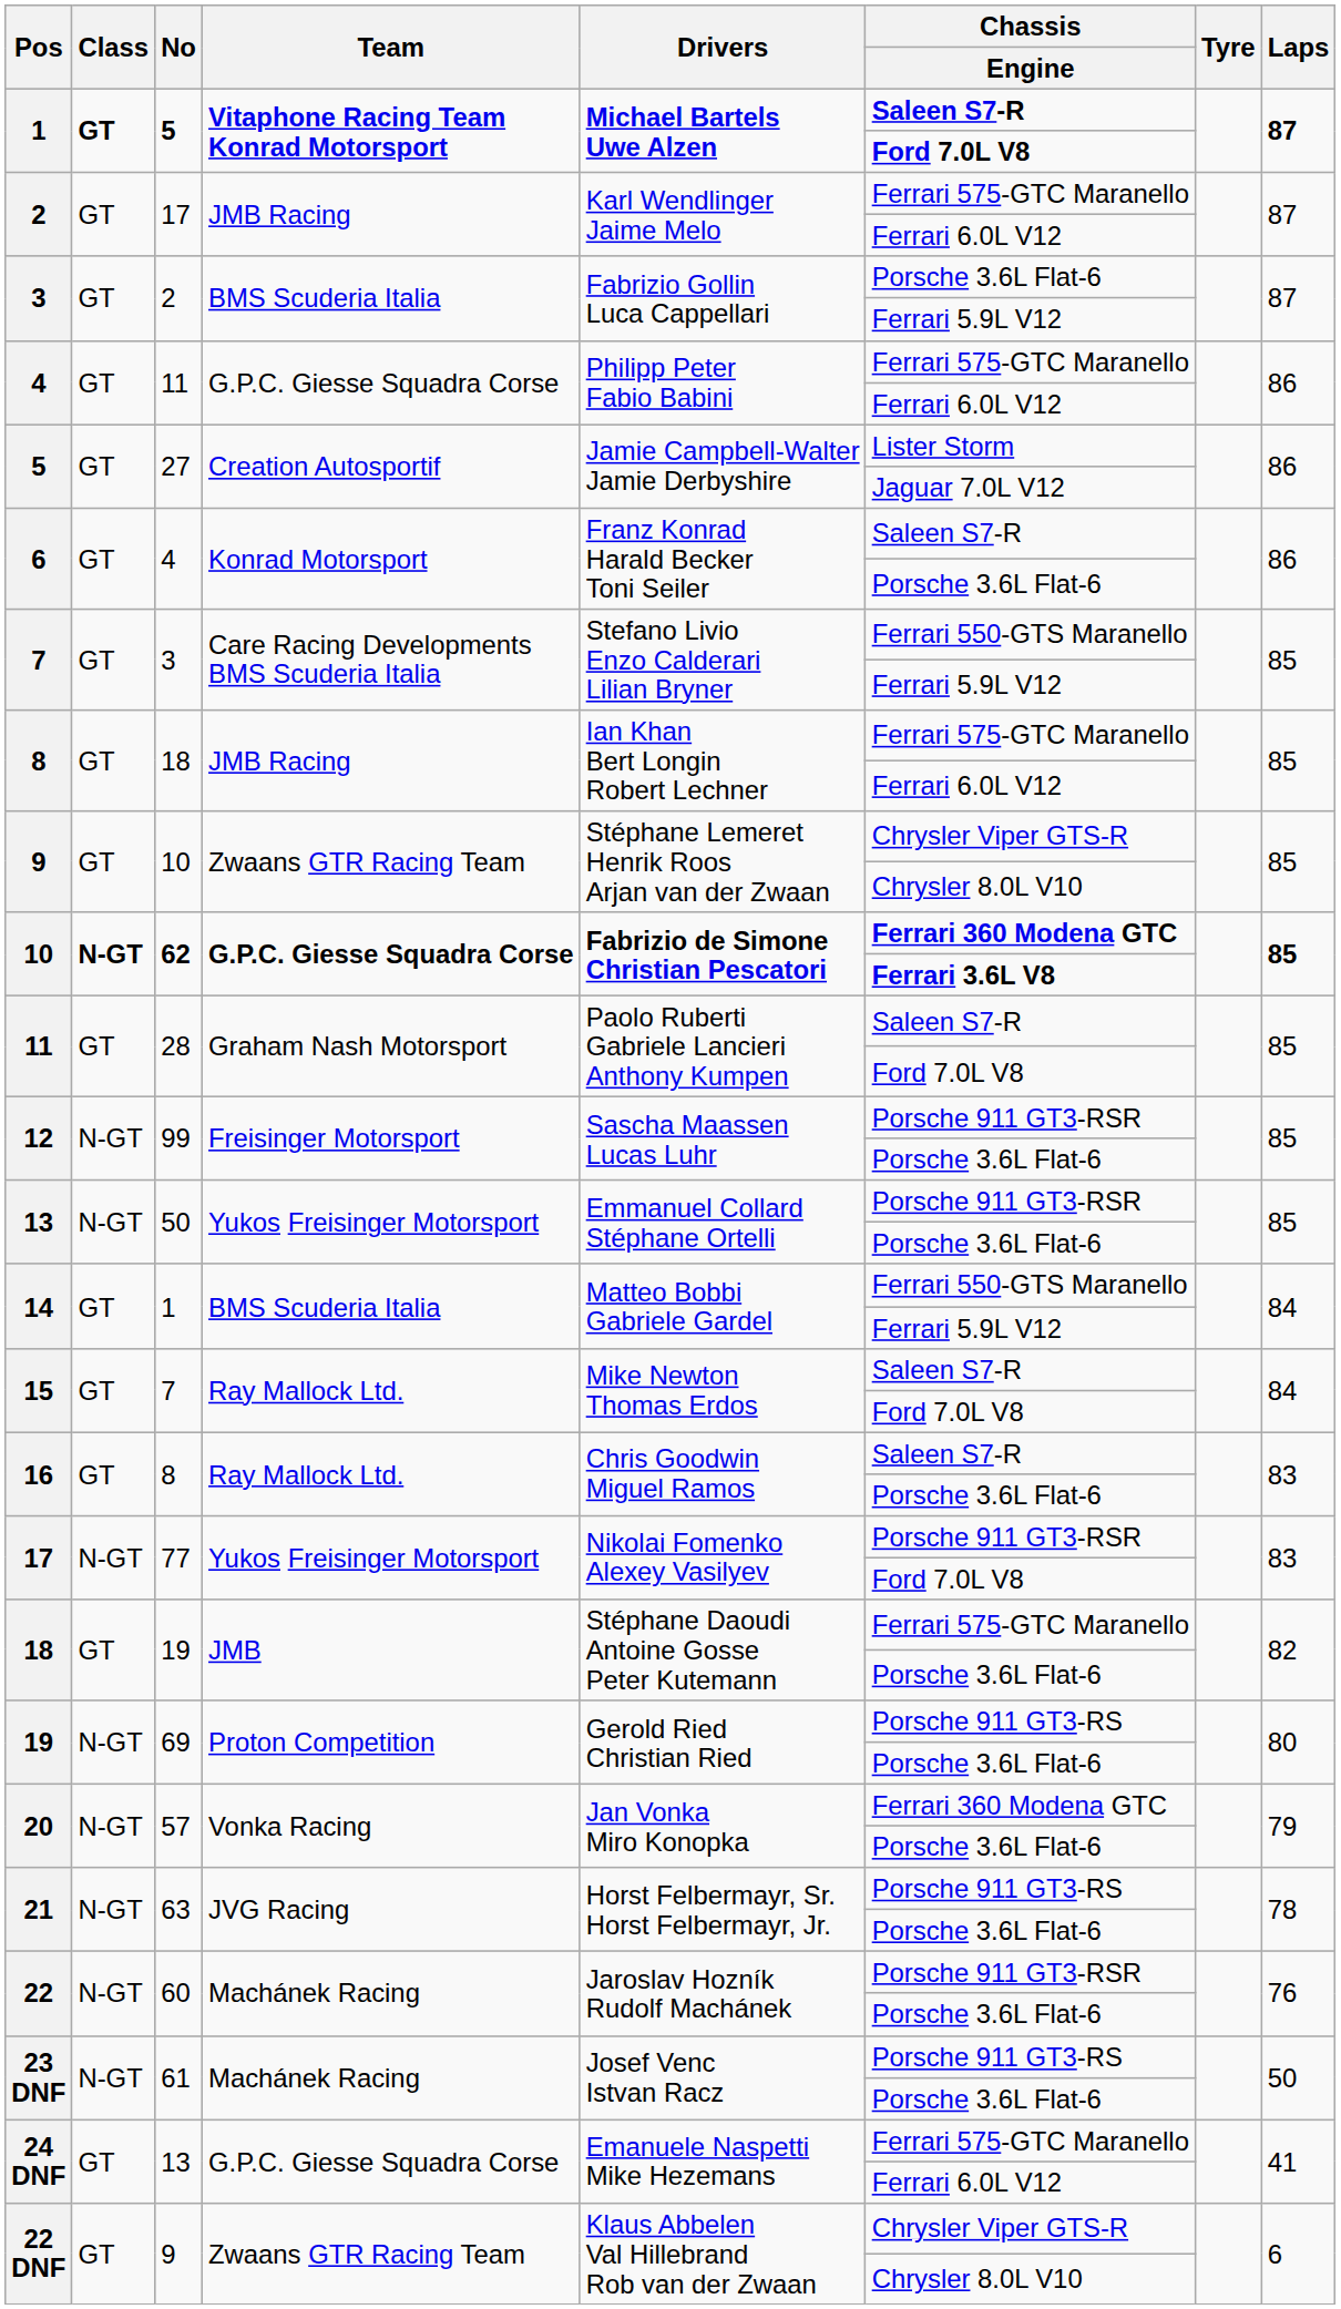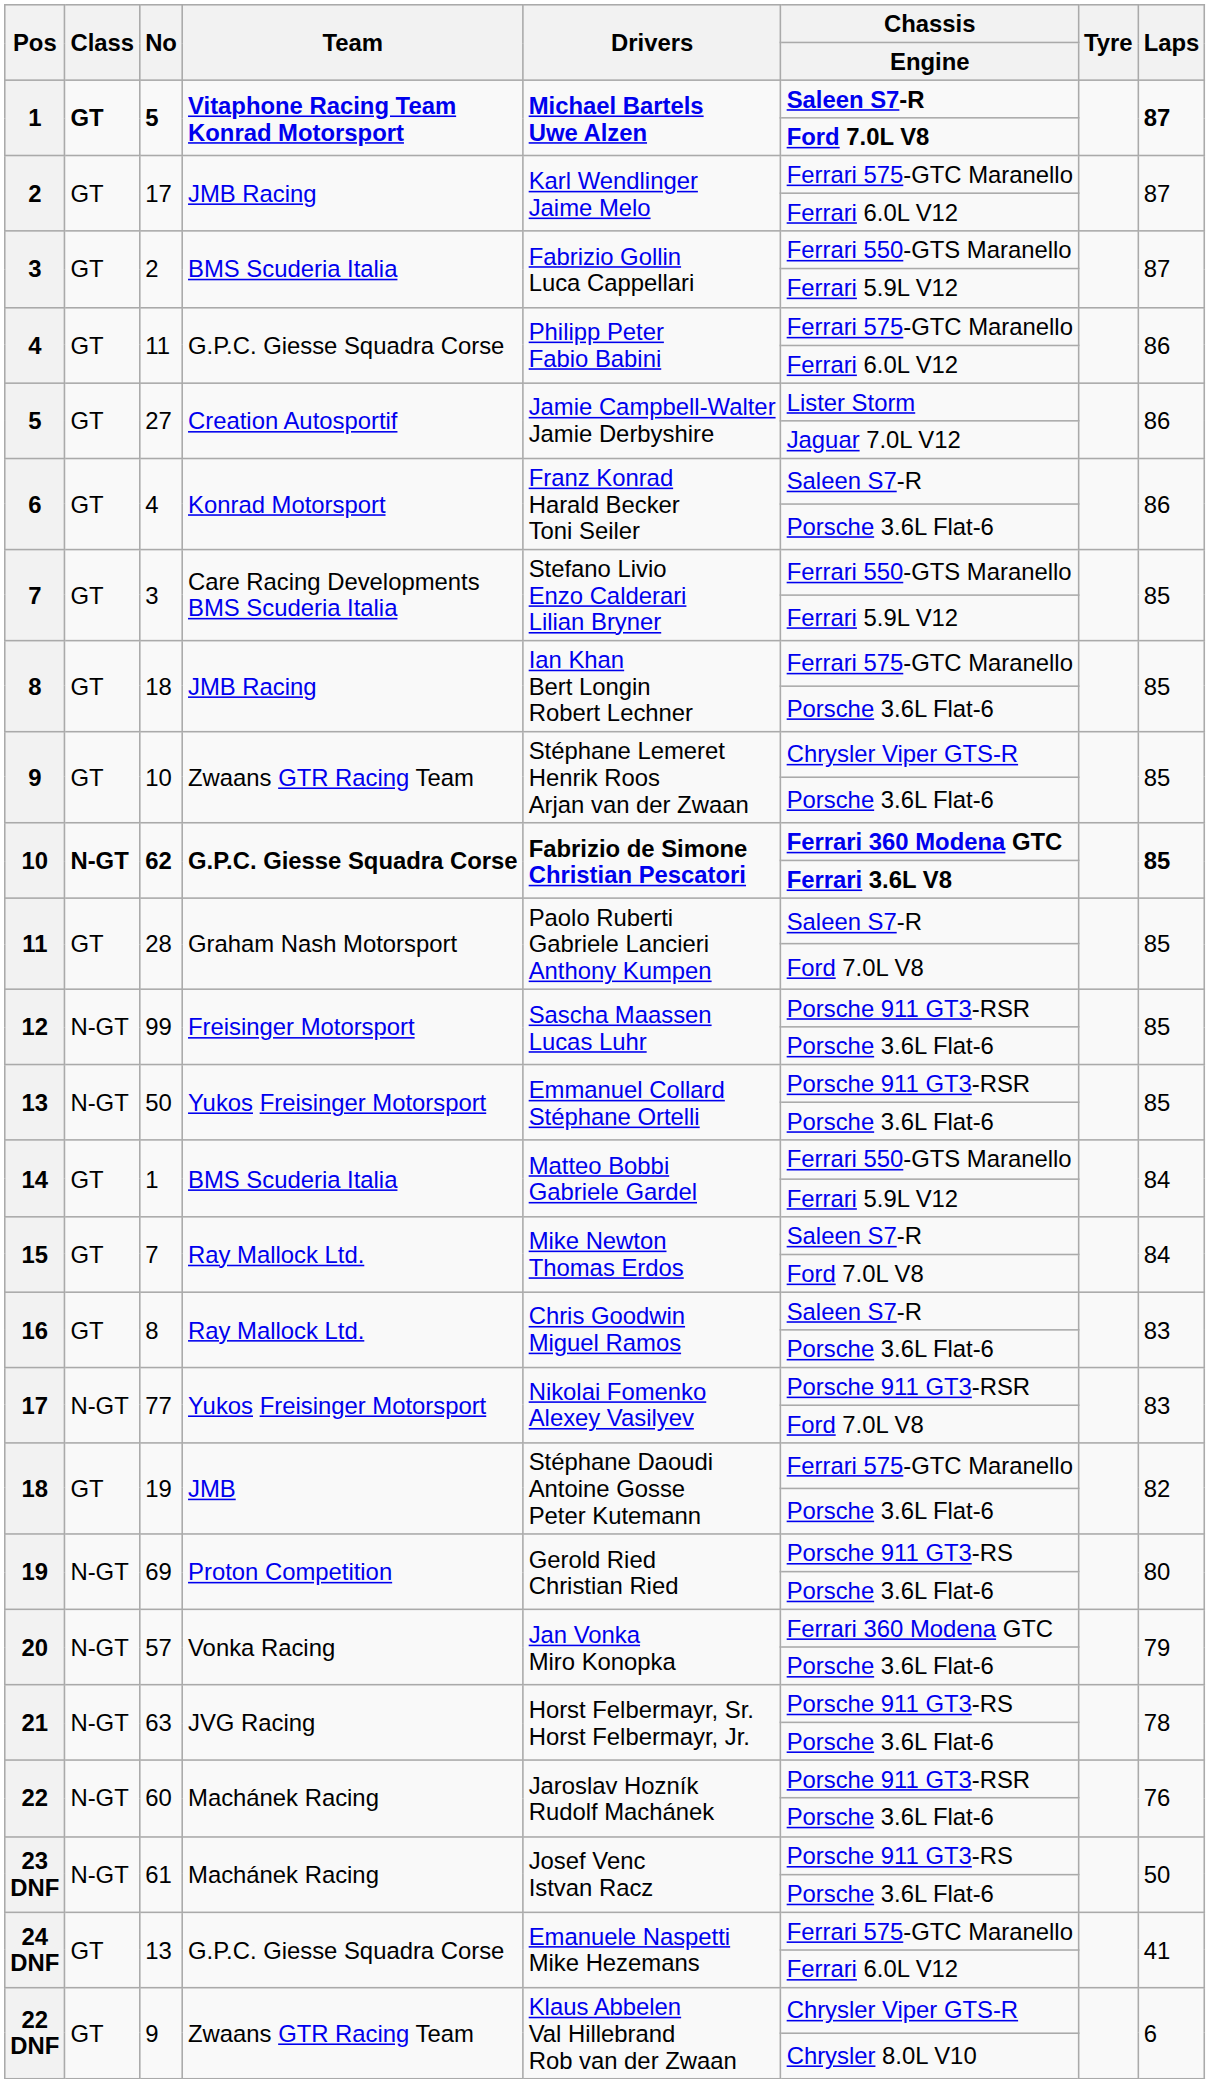 <table class="wikitable" style="font-size: 95%;">
 <tr>
 <th rowspan=2>Pos</th>
 <th rowspan=2>Class</th>
 <th rowspan=2>No</th>
 <th rowspan=2>Team</th>
 <th rowspan=2>Drivers</th>
 <th>Chassis</th>
 <th rowspan=2>Tyre</th>
 <th rowspan=2>Laps</th>
 </tr>
 <tr>
 <th>Engine</th>
 </tr>
 <tr style="font-weight:bold">
 <th rowspan=2>1</th>
 <td rowspan=2>GT</td>
 <td rowspan=2>5</td>
 <td rowspan=2> <a href='#'>Vitaphone Racing Team</a><br> <a href='#'>Konrad Motorsport</a></td>
 <td rowspan=2> <a href='#'>Michael Bartels</a><br> <a href='#'>Uwe Alzen</a></td>
 <td><a href='#'>Saleen S7</a>-R</td>
 <td rowspan=2></td>
 <td rowspan=2>87</td>
 </tr>
 <tr style="font-weight:bold">
 <td><a href='#'>Ford</a> 7.0L V8</td>
 </tr>
 <tr>
 <th rowspan=2>2</th>
 <td rowspan=2>GT</td>
 <td rowspan=2>17</td>
 <td rowspan=2> <a href='#'>JMB Racing</a></td>
 <td rowspan=2> <a href='#'>Karl Wendlinger</a><br> <a href='#'>Jaime Melo</a></td>
 <td><a href='#'>Ferrari 575</a>-GTC Maranello</td>
 <td rowspan=2></td>
 <td rowspan=2>87</td>
 </tr>
 <tr>
 <td><a href='#'>Ferrari</a> 6.0L V12</td>
 </tr>
 <tr>
 <th rowspan=2>3</th>
 <td rowspan=2>GT</td>
 <td rowspan=2>2</td>
 <td rowspan=2> <a href='#'>BMS Scuderia Italia</a></td>
 <td rowspan=2> <a href='#'>Fabrizio Gollin</a><br> Luca Cappellari</td>
-<td><a href='#'>Porsche</a> 3.6L Flat-6</td>
+<td><a href='#'>Ferrari 550</a>-GTS Maranello</td>
 <td rowspan=2></td>
 <td rowspan=2>87</td>
 </tr>
 <tr>
 <td><a href='#'>Ferrari</a> 5.9L V12</td>
 </tr>
 <tr>
 <th rowspan=2>4</th>
 <td rowspan=2>GT</td>
 <td rowspan=2>11</td>
 <td rowspan=2> G.P.C. Giesse Squadra Corse</td>
 <td rowspan=2> <a href='#'>Philipp Peter</a><br> <a href='#'>Fabio Babini</a></td>
 <td><a href='#'>Ferrari 575</a>-GTC Maranello</td>
 <td rowspan=2></td>
 <td rowspan=2>86</td>
 </tr>
 <tr>
 <td><a href='#'>Ferrari</a> 6.0L V12</td>
 </tr>
 <tr>
 <th rowspan=2>5</th>
 <td rowspan=2>GT</td>
 <td rowspan=2>27</td>
 <td rowspan=2> <a href='#'>Creation Autosportif</a></td>
 <td rowspan=2> <a href='#'>Jamie Campbell-Walter</a><br> Jamie Derbyshire</td>
 <td><a href='#'>Lister Storm</a></td>
 <td rowspan=2></td>
 <td rowspan=2>86</td>
 </tr>
 <tr>
 <td><a href='#'>Jaguar</a> 7.0L V12</td>
 </tr>
 <tr>
 <th rowspan=2>6</th>
 <td rowspan=2>GT</td>
 <td rowspan=2>4</td>
 <td rowspan=2> <a href='#'>Konrad Motorsport</a></td>
 <td rowspan=2> <a href='#'>Franz Konrad</a><br> Harald Becker<br> Toni Seiler</td>
 <td><a href='#'>Saleen S7</a>-R</td>
 <td rowspan=2></td>
 <td rowspan=2>86</td>
 </tr>
 <tr>
 <td><a href='#'>Porsche</a> 3.6L Flat-6</td>
 </tr>
 <tr>
 <th rowspan=2>7</th>
 <td rowspan=2>GT</td>
 <td rowspan=2>3</td>
 <td rowspan=2> Care Racing Developments<br> <a href='#'>BMS Scuderia Italia</a></td>
 <td rowspan=2> Stefano Livio<br> <a href='#'>Enzo Calderari</a><br> <a href='#'>Lilian Bryner</a></td>
 <td><a href='#'>Ferrari 550</a>-GTS Maranello</td>
 <td rowspan=2></td>
 <td rowspan=2>85</td>
 </tr>
 <tr>
 <td><a href='#'>Ferrari</a> 5.9L V12</td>
 </tr>
 <tr>
 <th rowspan=2>8</th>
 <td rowspan=2>GT</td>
 <td rowspan=2>18</td>
 <td rowspan=2> <a href='#'>JMB Racing</a></td>
 <td rowspan=2> <a href='#'>Ian Khan</a><br> Bert Longin<br> Robert Lechner</td>
 <td><a href='#'>Ferrari 575</a>-GTC Maranello</td>
 <td rowspan=2></td>
 <td rowspan=2>85</td>
 </tr>
 <tr>
-<td><a href='#'>Ferrari</a> 6.0L V12</td>
+<td><a href='#'>Porsche</a> 3.6L Flat-6</td>
 </tr>
 <tr>
 <th rowspan=2>9</th>
 <td rowspan=2>GT</td>
 <td rowspan=2>10</td>
 <td rowspan=2> Zwaans <a href='#'>GTR Racing</a> Team</td>
 <td rowspan=2> Stéphane Lemeret<br> Henrik Roos<br> Arjan van der Zwaan</td>
 <td><a href='#'>Chrysler Viper GTS-R</a></td>
 <td rowspan=2></td>
 <td rowspan=2>85</td>
 </tr>
 <tr>
-<td><a href='#'>Chrysler</a> 8.0L V10</td>
+<td><a href='#'>Porsche</a> 3.6L Flat-6</td>
 </tr>
 <tr style="font-weight:bold">
 <th rowspan=2>10</th>
 <td rowspan=2>N-GT</td>
 <td rowspan=2>62</td>
 <td rowspan=2> G.P.C. Giesse Squadra Corse</td>
 <td rowspan=2> Fabrizio de Simone<br> <a href='#'>Christian Pescatori</a></td>
 <td><a href='#'>Ferrari 360 Modena</a> GTC</td>
 <td rowspan=2></td>
 <td rowspan=2>85</td>
 </tr>
 <tr style="font-weight:bold">
 <td><a href='#'>Ferrari</a> 3.6L V8</td>
 </tr>
 <tr>
 <th rowspan=2>11</th>
 <td rowspan=2>GT</td>
 <td rowspan=2>28</td>
 <td rowspan=2> Graham Nash Motorsport</td>
 <td rowspan=2> Paolo Ruberti<br> Gabriele Lancieri<br> <a href='#'>Anthony Kumpen</a></td>
 <td><a href='#'>Saleen S7</a>-R</td>
 <td rowspan=2></td>
 <td rowspan=2>85</td>
 </tr>
 <tr>
 <td><a href='#'>Ford</a> 7.0L V8</td>
 </tr>
 <tr>
 <th rowspan=2>12</th>
 <td rowspan=2>N-GT</td>
 <td rowspan=2>99</td>
 <td rowspan=2> <a href='#'>Freisinger Motorsport</a></td>
 <td rowspan=2> <a href='#'>Sascha Maassen</a><br> <a href='#'>Lucas Luhr</a></td>
 <td><a href='#'>Porsche 911 GT3</a>-RSR</td>
 <td rowspan=2></td>
 <td rowspan=2>85</td>
 </tr>
 <tr>
 <td><a href='#'>Porsche</a> 3.6L Flat-6</td>
 </tr>
 <tr>
 <th rowspan=2>13</th>
 <td rowspan=2>N-GT</td>
 <td rowspan=2>50</td>
 <td rowspan=2> <a href='#'>Yukos</a> <a href='#'>Freisinger Motorsport</a></td>
 <td rowspan=2> <a href='#'>Emmanuel Collard</a><br> <a href='#'>Stéphane Ortelli</a></td>
 <td><a href='#'>Porsche 911 GT3</a>-RSR</td>
 <td rowspan=2></td>
 <td rowspan=2>85</td>
 </tr>
 <tr>
 <td><a href='#'>Porsche</a> 3.6L Flat-6</td>
 </tr>
 <tr>
 <th rowspan=2>14</th>
 <td rowspan=2>GT</td>
 <td rowspan=2>1</td>
 <td rowspan=2> <a href='#'>BMS Scuderia Italia</a></td>
 <td rowspan=2> <a href='#'>Matteo Bobbi</a><br> <a href='#'>Gabriele Gardel</a></td>
 <td><a href='#'>Ferrari 550</a>-GTS Maranello</td>
 <td rowspan=2></td>
 <td rowspan=2>84</td>
 </tr>
 <tr>
 <td><a href='#'>Ferrari</a> 5.9L V12</td>
 </tr>
 <tr>
 <th rowspan=2>15</th>
 <td rowspan=2>GT</td>
 <td rowspan=2>7</td>
 <td rowspan=2> <a href='#'>Ray Mallock Ltd.</a></td>
 <td rowspan=2> <a href='#'>Mike Newton</a><br> <a href='#'>Thomas Erdos</a></td>
 <td><a href='#'>Saleen S7</a>-R</td>
 <td rowspan=2></td>
 <td rowspan=2>84</td>
 </tr>
 <tr>
 <td><a href='#'>Ford</a> 7.0L V8</td>
 </tr>
 <tr>
 <th rowspan=2>16</th>
 <td rowspan=2>GT</td>
 <td rowspan=2>8</td>
 <td rowspan=2> <a href='#'>Ray Mallock Ltd.</a></td>
 <td rowspan=2> <a href='#'>Chris Goodwin</a><br> <a href='#'>Miguel Ramos</a></td>
 <td><a href='#'>Saleen S7</a>-R</td>
 <td rowspan=2></td>
 <td rowspan=2>83</td>
 </tr>
 <tr>
 <td><a href='#'>Porsche</a> 3.6L Flat-6</td>
 </tr>
 <tr>
 <th rowspan=2>17</th>
 <td rowspan=2>N-GT</td>
 <td rowspan=2>77</td>
 <td rowspan=2> <a href='#'>Yukos</a> <a href='#'>Freisinger Motorsport</a></td>
 <td rowspan=2> <a href='#'>Nikolai Fomenko</a><br> <a href='#'>Alexey Vasilyev</a></td>
 <td><a href='#'>Porsche 911 GT3</a>-RSR</td>
 <td rowspan=2></td>
 <td rowspan=2>83</td>
 </tr>
 <tr>
 <td><a href='#'>Ford</a> 7.0L V8</td>
 </tr>
 <tr>
 <th rowspan=2>18</th>
 <td rowspan=2>GT</td>
 <td rowspan=2>19</td>
 <td rowspan=2> <a href='#'>JMB</a></td>
 <td rowspan=2> Stéphane Daoudi<br> Antoine Gosse<br> Peter Kutemann</td>
 <td><a href='#'>Ferrari 575</a>-GTC Maranello</td>
 <td rowspan=2></td>
 <td rowspan=2>82</td>
 </tr>
 <tr>
 <td><a href='#'>Porsche</a> 3.6L Flat-6</td>
 </tr>
 <tr>
 <th rowspan=2>19</th>
 <td rowspan=2>N-GT</td>
 <td rowspan=2>69</td>
 <td rowspan=2> <a href='#'>Proton Competition</a></td>
 <td rowspan=2> Gerold Ried<br> Christian Ried</td>
 <td><a href='#'>Porsche 911 GT3</a>-RS</td>
 <td rowspan=2></td>
 <td rowspan=2>80</td>
 </tr>
 <tr>
 <td><a href='#'>Porsche</a> 3.6L Flat-6</td>
 </tr>
 <tr>
 <th rowspan=2>20</th>
 <td rowspan=2>N-GT</td>
 <td rowspan=2>57</td>
 <td rowspan=2> Vonka Racing</td>
 <td rowspan=2> <a href='#'>Jan Vonka</a><br> Miro Konopka</td>
 <td><a href='#'>Ferrari 360 Modena</a> GTC</td>
 <td rowspan=2></td>
 <td rowspan=2>79</td>
 </tr>
 <tr>
 <td><a href='#'>Porsche</a> 3.6L Flat-6</td>
 </tr>
 <tr>
 <th rowspan=2>21</th>
 <td rowspan=2>N-GT</td>
 <td rowspan=2>63</td>
 <td rowspan=2> JVG Racing</td>
 <td rowspan=2> Horst Felbermayr, Sr.<br> Horst Felbermayr, Jr.</td>
 <td><a href='#'>Porsche 911 GT3</a>-RS</td>
 <td rowspan=2></td>
 <td rowspan=2>78</td>
 </tr>
 <tr>
 <td><a href='#'>Porsche</a> 3.6L Flat-6</td>
 </tr>
 <tr>
 <th rowspan=2>22</th>
 <td rowspan=2>N-GT</td>
 <td rowspan=2>60</td>
 <td rowspan=2> Machánek Racing</td>
 <td rowspan=2> Jaroslav Hozník<br> Rudolf Machánek</td>
 <td><a href='#'>Porsche 911 GT3</a>-RSR</td>
 <td rowspan=2></td>
 <td rowspan=2>76</td>
 </tr>
 <tr>
 <td><a href='#'>Porsche</a> 3.6L Flat-6</td>
 </tr>
 <tr>
 <th rowspan=2>23<br>DNF</th>
 <td rowspan=2>N-GT</td>
 <td rowspan=2>61</td>
 <td rowspan=2> Machánek Racing</td>
 <td rowspan=2> Josef Venc<br> Istvan Racz</td>
 <td><a href='#'>Porsche 911 GT3</a>-RS</td>
 <td rowspan=2></td>
 <td rowspan=2>50</td>
 </tr>
 <tr>
 <td><a href='#'>Porsche</a> 3.6L Flat-6</td>
 </tr>
 <tr>
 <th rowspan=2>24<br>DNF</th>
 <td rowspan=2>GT</td>
 <td rowspan=2>13</td>
 <td rowspan=2> G.P.C. Giesse Squadra Corse</td>
 <td rowspan=2> <a href='#'>Emanuele Naspetti</a><br> Mike Hezemans</td>
 <td><a href='#'>Ferrari 575</a>-GTC Maranello</td>
 <td rowspan=2></td>
 <td rowspan=2>41</td>
 </tr>
 <tr>
 <td><a href='#'>Ferrari</a> 6.0L V12</td>
 </tr>
 <tr>
 <th rowspan=2>22<br>DNF</th>
 <td rowspan=2>GT</td>
 <td rowspan=2>9</td>
 <td rowspan=2> Zwaans <a href='#'>GTR Racing</a> Team</td>
 <td rowspan=2> <a href='#'>Klaus Abbelen</a><br> Val Hillebrand<br> Rob van der Zwaan</td>
 <td><a href='#'>Chrysler Viper GTS-R</a></td>
 <td rowspan=2></td>
 <td rowspan=2>6</td>
 </tr>
 <tr>
 <td><a href='#'>Chrysler</a> 8.0L V10</td>
 </tr>
 </table>
